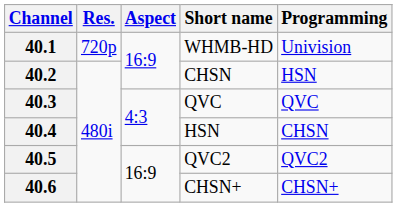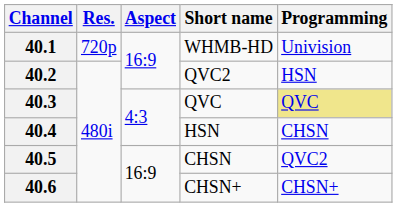 <table class="wikitable">
 <tr>
 <th scope = "col"><a href='#'>Channel</a></th>
 <th scope = "col"><a href='#'>Res.</a></th>
 <th scope = "col"><a href='#'>Aspect</a></th>
 <th scope = "col">Short name</th>
 <th scope = "col">Programming</th>
 </tr>
 <tr>
 <th scope = "row">40.1</th>
 <td><a href='#'>720p</a></td>
 <td rowspan=2><a href='#'>16:9</a></td>
 <td>WHMB-HD</td>
 <td><a href='#'>Univision</a></td>
 </tr>
 <tr>
 <th scope = "row">40.2</th>
 <td rowspan=5><a href='#'>480i</a></td>
-<td>CHSN</td>
+<td>QVC2</td>
 <td><a href='#'>HSN</a></td>
 </tr>
 <tr>
 <th scope = "row">40.3</th>
 <td rowspan=2><a href='#'>4:3</a></td>
 <td>QVC</td>
-<td><a href='#'>QVC</a></td>
+<td style="background: khaki;"><a href='#'>QVC</a></td>
 </tr>
 <tr>
 <th scope = "row">40.4</th>
 <td>HSN</td>
 <td><a href='#'>CHSN</a></td>
 </tr>
 <tr>
 <th scope = "row">40.5</th>
 <td rowspan=2>16:9</td>
-<td>QVC2</td>
+<td>CHSN</td>
 <td><a href='#'>QVC2</a></td>
 </tr>
 <tr>
 <th scope = "row">40.6</th>
 <td>CHSN+</td>
 <td><a href='#'>CHSN+</a></td>
 </tr>
 </table>
